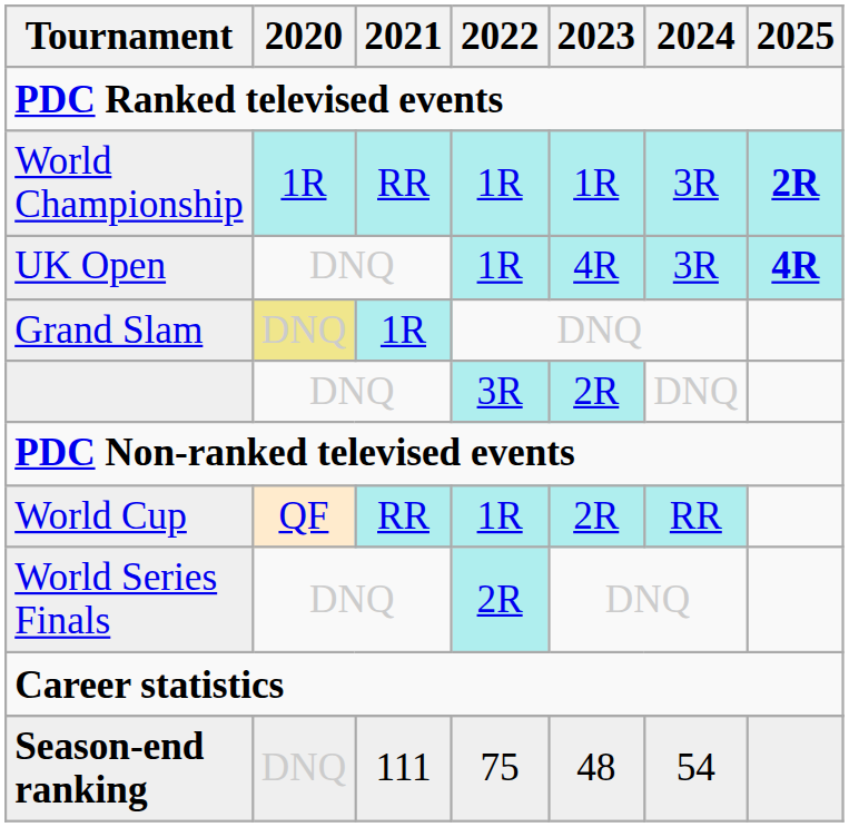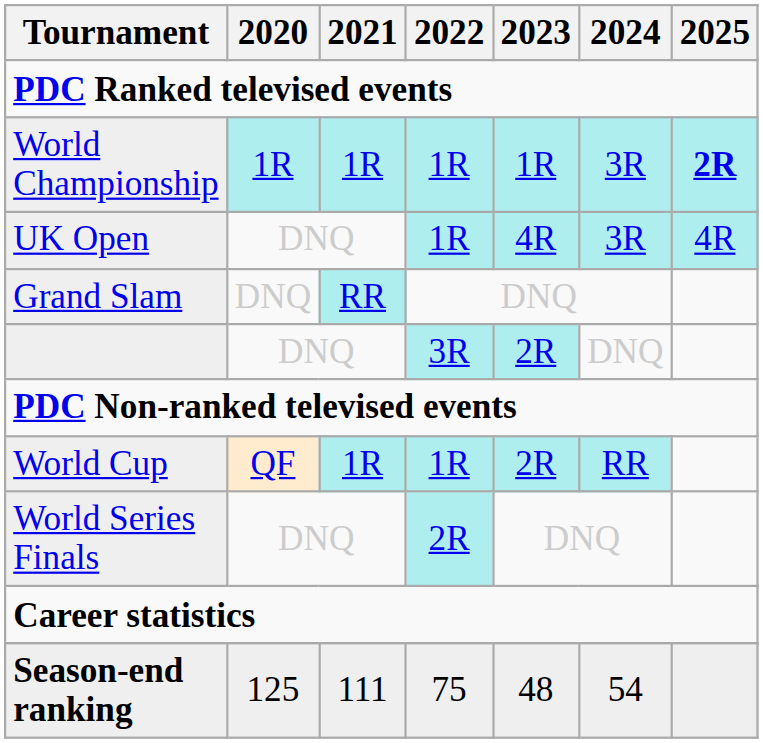 <table class="wikitable" style="width:20%; margin:0">
 <tr>
 <th>Tournament</th>
 <th>2020</th>
 <th>2021</th>
 <th>2022</th>
 <th>2023</th>
 <th>2024</th>
 <th>2025</th>
 </tr>
 <tr>
 <td colspan="7" style="text-align:left"><strong><a href='#'>PDC</a> Ranked televised events</strong></td>
 </tr>
 <tr>
 <td style="background:#efefef;"><a href='#'>World Championship</a></td>
 <td style="text-align:center; background:#afeeee;"><a href='#'>1R</a></td>
-<td style="text-align:center; background:#afeeee;"><a href='#'>RR</a></td>
+<td style="text-align:center; background:#afeeee;"><a href='#'>1R</a></td>
 <td style="text-align:center; background:#afeeee;"><a href='#'>1R</a></td>
 <td style="text-align:center; background:#afeeee;"><a href='#'>1R</a></td>
 <td style="text-align:center; background:#afeeee;"><a href='#'>3R</a></td>
 <td style="text-align:center; background:#afeeee;"><strong><a href='#'>2R</a></strong></td>
 </tr>
 <tr>
 <td style="background:#efefef;"><a href='#'>UK Open</a></td>
 <td colspan="2" style="text-align:center; color:#ccc;">DNQ</td>
 <td style="text-align:center; background:#afeeee;"><a href='#'>1R</a></td>
 <td style="text-align:center; background:#afeeee;"><a href='#'>4R</a></td>
 <td style="text-align:center; background:#afeeee;"><a href='#'>3R</a></td>
-<td style="text-align:center; background:#afeeee;"><strong><a href='#'>4R</a></strong></td>
+<td style="text-align:center; background:#afeeee;"><a href='#'>4R</a></td>
 </tr>
 <tr>
 <td style="background:#efefef;"><a href='#'>Grand Slam</a></td>
-<td style="background: khaki; text-align:center; color:#ccc;">DNQ</td>
-<td style="text-align:center; background:#afeeee;"><a href='#'>1R</a></td>
+<td style="text-align:center; color:#ccc;">DNQ</td>
+<td style="text-align:center; background:#afeeee;"><a href='#'>RR</a></td>
 <td colspan="3" style="text-align:center; color:#ccc;">DNQ</td>
 <td></td>
 </tr>
 <tr>
 <td style="background:#efefef;"></td>
 <td colspan="2" style="text-align:center; color:#ccc;">DNQ</td>
 <td style="text-align:center; background:#afeeee;"><a href='#'>3R</a></td>
 <td style="text-align:center; background:#afeeee;"><a href='#'>2R</a></td>
 <td style="text-align:center; color:#ccc;">DNQ</td>
 <td></td>
 </tr>
 <tr>
 <td colspan="7" style="text-align:left"><strong><a href='#'>PDC</a> Non-ranked televised events</strong></td>
 </tr>
 <tr>
 <td style="background:#efefef;"><a href='#'>World Cup</a></td>
 <td style="text-align:center; background:#ffebcd;"><a href='#'>QF</a></td>
-<td style="text-align:center; background:#afeeee;"><a href='#'>RR</a></td>
+<td style="text-align:center; background:#afeeee;"><a href='#'>1R</a></td>
 <td style="text-align:center; background:#afeeee;"><a href='#'>1R</a></td>
 <td style="text-align:center; background:#afeeee;"><a href='#'>2R</a></td>
 <td style="text-align:center; background:#afeeee;"><a href='#'>RR</a></td>
 <td></td>
 </tr>
 <tr>
 <td style="background:#efefef;"><a href='#'>World Series Finals</a></td>
 <td colspan="2" style="text-align:center; color:#ccc;">DNQ</td>
 <td style="text-align:center; background:#afeeee;"><a href='#'>2R</a></td>
 <td colspan="2" style="text-align:center; color:#ccc;">DNQ</td>
 <td></td>
 </tr>
 <tr>
 <td colspan="13" align="left"><strong>Career statistics</strong></td>
 </tr>
 <tr>
 </tr>
 <tr bgcolor="efefef">
 <td align="left"><strong>Season-end ranking</strong></td>
-<td style="text-align:center; color:#ccc;">DNQ</td>
+<td style="text-align:center;">125</td>
 <td style="text-align:center;">111</td>
 <td style="text-align:center;">75</td>
 <td style="text-align:center;">48</td>
 <td style="text-align:center;">54</td>
 <td></td>
 </tr>
 </table>
